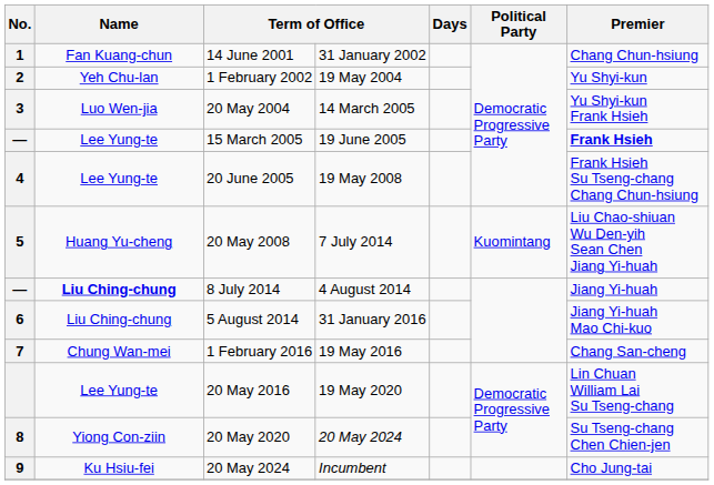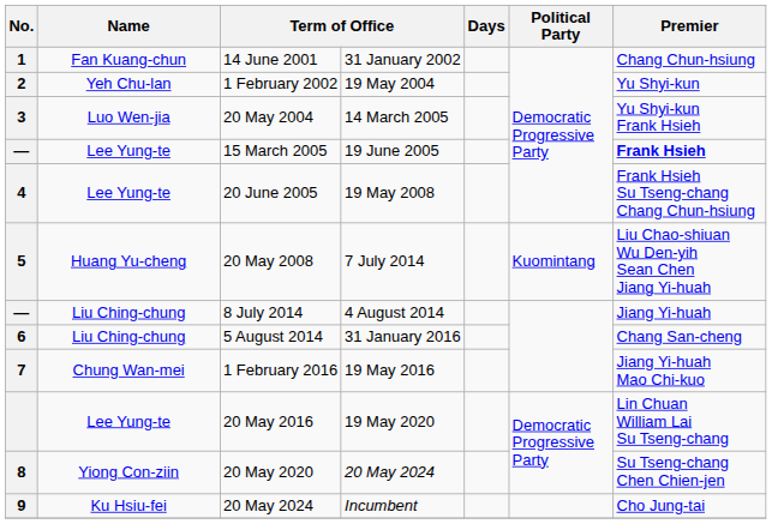 <table class="wikitable">
 <tr ->
 <th>No.</th>
 <th width="180">Name</th>
 <th colspan=2 width="180">Term of Office</th>
 <th>Days</th>
 <th width="100">Political Party</th>
 <th width="150">Premier</th>
 </tr>
 <tr ->
 <th style="background:">1</th>
 <td align=center><a href='#'>Fan Kuang-chun</a><br></td>
 <td>14 June 2001</td>
 <td>31 January 2002</td>
 <td></td>
 <td rowspan="5"><a href='#'>Democratic Progressive Party</a></td>
 <td><a href='#'>Chang Chun-hsiung</a></td>
 </tr>
 <tr ->
 <th style="background:">2</th>
 <td align=center><a href='#'>Yeh Chu-lan</a><br></td>
 <td>1 February 2002</td>
 <td>19 May 2004</td>
 <td></td>
 <td><a href='#'>Yu Shyi-kun</a></td>
 </tr>
 <tr ->
 <th style="background:">3</th>
 <td align=center><a href='#'>Luo Wen-jia</a><br></td>
 <td>20 May 2004</td>
 <td>14 March 2005</td>
 <td></td>
 <td><a href='#'>Yu Shyi-kun</a><br><a href='#'>Frank Hsieh</a></td>
 </tr>
 <tr ->
 <th style="background:">—</th>
 <td align=center><a href='#'>Lee Yung-te</a><br></td>
 <td>15 March 2005</td>
 <td>19 June 2005</td>
 <td></td>
 <td><strong><a href='#'>Frank Hsieh</a></strong></td>
 </tr>
 <tr ->
 <th style="background:">4</th>
 <td align=center><a href='#'>Lee Yung-te</a><br></td>
 <td>20 June 2005</td>
 <td>19 May 2008</td>
 <td></td>
 <td><a href='#'>Frank Hsieh</a><br><a href='#'>Su Tseng-chang</a> <br><a href='#'>Chang Chun-hsiung</a></td>
 </tr>
 <tr ->
 <th style="background:">5</th>
 <td align=center><a href='#'>Huang Yu-cheng</a><br></td>
 <td>20 May 2008</td>
 <td>7 July 2014</td>
 <td></td>
 <td><a href='#'>Kuomintang</a></td>
 <td><a href='#'>Liu Chao-shiuan</a><br><a href='#'>Wu Den-yih</a><br><a href='#'>Sean Chen</a><br><a href='#'>Jiang Yi-huah</a></td>
 </tr>
 <tr ->
 <th style="background:">—</th>
-<td align=center><strong><a href='#'>Liu Ching-chung</a><br></strong></td>
+<td align=center><a href='#'>Liu Ching-chung</a><br></td>
 <td>8 July 2014</td>
 <td>4 August 2014</td>
 <td></td>
 <td rowspan="3"></td>
 <td><a href='#'>Jiang Yi-huah</a></td>
 </tr>
 <tr ->
 <th style="background:">6</th>
 <td align=center><a href='#'>Liu Ching-chung</a><br></td>
 <td>5 August 2014</td>
 <td>31 January 2016</td>
 <td></td>
-<td><a href='#'>Jiang Yi-huah</a><br><a href='#'>Mao Chi-kuo</a></td>
+<td><a href='#'>Chang San-cheng</a></td>
 </tr>
 <tr ->
 <th style="background:">7</th>
 <td align=center><a href='#'>Chung Wan-mei</a><br></td>
 <td>1 February 2016</td>
 <td>19 May 2016</td>
 <td></td>
-<td><a href='#'>Chang San-cheng</a></td>
+<td><a href='#'>Jiang Yi-huah</a><br><a href='#'>Mao Chi-kuo</a></td>
 </tr>
 <tr ->
 <th style="background:"></th>
 <td align=center><a href='#'>Lee Yung-te</a><br></td>
 <td>20 May 2016</td>
 <td>19 May 2020</td>
 <td></td>
 <td rowspan="2"><a href='#'>Democratic Progressive Party</a></td>
 <td><a href='#'>Lin Chuan</a><br><a href='#'>William Lai</a><br><a href='#'>Su Tseng-chang</a></td>
 </tr>
 <tr ->
 <th style="background:">8</th>
 <td align=center><a href='#'>Yiong Con-ziin</a><br></td>
 <td>20 May 2020</td>
 <td><em>20 May 2024</em></td>
 <td></td>
 <td><a href='#'>Su Tseng-chang</a> <br><a href='#'>Chen Chien-jen</a></td>
 </tr>
 <tr ->
 <th style="background:">9</th>
 <td align=center><a href='#'>Ku Hsiu-fei</a><br></td>
 <td>20 May 2024</td>
 <td><em>Incumbent</em></td>
 <td></td>
 <td></td>
 <td><a href='#'>Cho Jung-tai</a></td>
 </tr>
 <tr ->
 </tr>
 </table>
